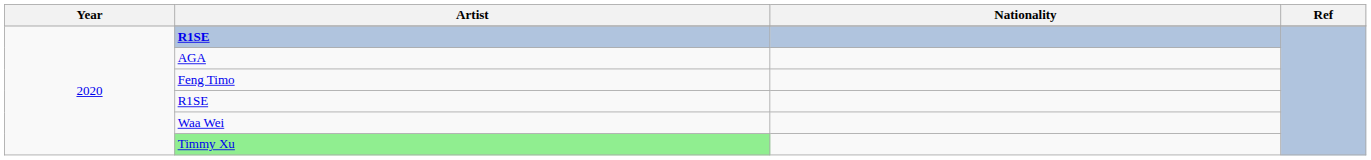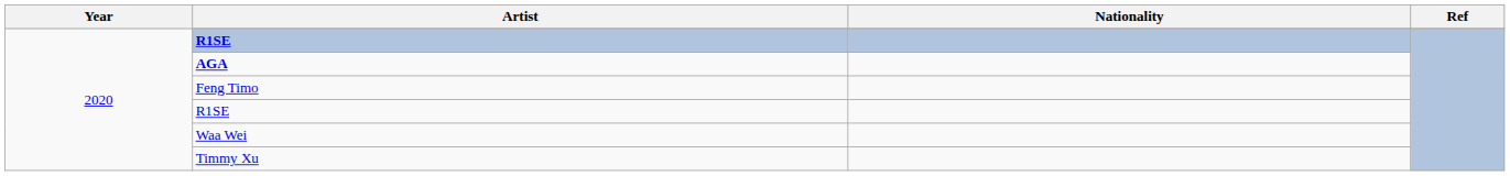 <table class="wikitable sortable plainrowheaders" style="font-size:95%; width:100%;">
 <tr style="background:#bebebe;">
 <th style="width:10%;">Year</th>
 <th style="width:35%;">Artist</th>
 <th style="width:30%;">Nationality</th>
 <th style="width:5%;">Ref</th>
 </tr>
 <tr>
 <td rowspan="7" align="center"><a href='#'>2020</a></td>
 </tr>
 <tr style="background:#B0C4DE">
 <td><strong><a href='#'>R1SE</a></strong></td>
 <td></td>
 <td rowspan="7" align="center"></td>
 </tr>
 <tr>
-<td><a href='#'>AGA</a></td>
+<td><strong><a href='#'>AGA</a></strong></td>
 <td></td>
 </tr>
 <tr>
 <td><a href='#'>Feng Timo</a></td>
 <td></td>
 </tr>
 <tr>
 <td><a href='#'>R1SE</a></td>
 <td></td>
 </tr>
 <tr>
 <td><a href='#'>Waa Wei</a></td>
 <td></td>
 </tr>
 <tr>
-<td style="background: lightgreen;"><a href='#'>Timmy Xu</a></td>
+<td><a href='#'>Timmy Xu</a></td>
 <td></td>
 </tr>
 </table>
